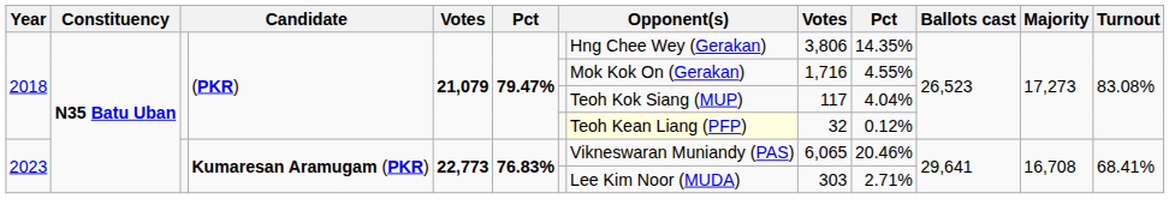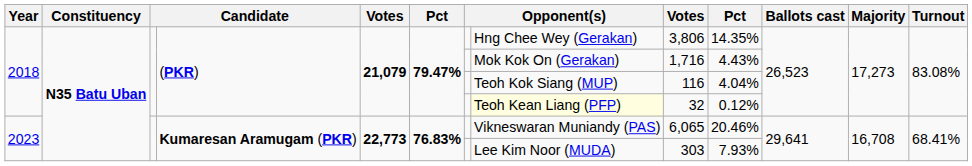 <table class="wikitable" style="margin:0.5em ; font-size:95%">
 <tr>
 <th>Year</th>
 <th>Constituency</th>
 <th colspan=2>Candidate</th>
 <th>Votes</th>
 <th>Pct</th>
 <th colspan=2>Opponent(s)</th>
 <th>Votes</th>
 <th>Pct</th>
 <th>Ballots cast</th>
 <th>Majority</th>
 <th>Turnout</th>
 </tr>
 <tr>
 <td rowspan="4"><a href='#'>2018</a></td>
 <td rowspan=6><strong>N35 <a href='#'>Batu Uban</a></strong></td>
 <td rowspan="4" ></td>
 <td rowspan="4"> (<a href='#'><strong>PKR</strong></a>)</td>
 <td rowspan="4" style="text-align:right;"><strong>21,079</strong></td>
 <td rowspan="4"><strong>79.47%</strong></td>
 <td></td>
 <td>Hng Chee Wey (<a href='#'>Gerakan</a>)</td>
 <td style="text-align:right;">3,806</td>
 <td>14.35%</td>
 <td rowspan="4">26,523</td>
 <td rowspan="4">17,273</td>
 <td rowspan="4">83.08%</td>
 </tr>
 <tr>
 <td></td>
 <td>Mok Kok On (<a href='#'>Gerakan</a>)</td>
 <td style="text-align:right;">1,716</td>
-<td style="text-align:right;">4.55%</td>
+<td style="text-align:right;">4.43%</td>
 </tr>
 <tr>
 <td bgcolor=></td>
 <td>Teoh Kok Siang (<a href='#'>MUP</a>)</td>
-<td style="text-align:right;">117</td>
+<td style="text-align:right;">116</td>
 <td style="text-align:right;">4.04%</td>
 </tr>
 <tr>
 <td bgcolor = ></td>
 <td style="background: lightyellow;">Teoh Kean Liang (<a href='#'>PFP</a>)</td>
 <td style="text-align:right;">32</td>
 <td style="text-align:right;">0.12%</td>
 </tr>
 <tr>
 <td rowspan="2"><a href='#'>2023</a></td>
 <td rowspan="2" ></td>
 <td rowspan="2"><strong>Kumaresan Aramugam</strong> (<a href='#'><strong>PKR</strong></a>)</td>
 <td rowspan="2" style="text-align:right;"><strong>22,773</strong></td>
 <td rowspan="2"><strong>76.83%</strong></td>
 <td bgcolor=></td>
 <td>Vikneswaran Muniandy (<a href='#'>PAS</a>)</td>
 <td style="text-align:right;">6,065</td>
 <td>20.46%</td>
 <td rowspan="2">29,641</td>
 <td rowspan="2">16,708</td>
 <td rowspan="2">68.41%</td>
 </tr>
 <tr>
 <td bgcolor=></td>
 <td>Lee Kim Noor (<a href='#'>MUDA</a>)</td>
 <td style="text-align:right;">303</td>
-<td style="text-align:right;">2.71%</td>
+<td style="text-align:right;">7.93%</td>
 </tr>
 </table>
